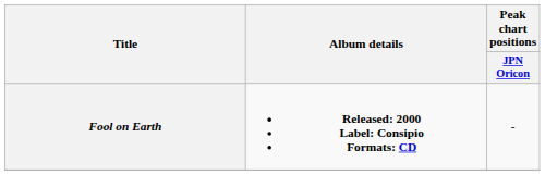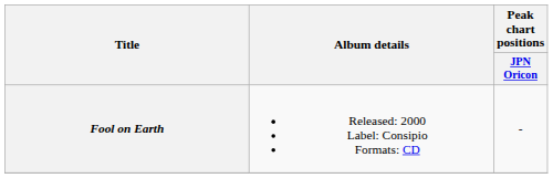 <table class="wikitable plainrowheaders" style="text-align:center;">
 <tr>
 <th scope="col" rowspan="2" style="width:19em;">Title</th>
 <th scope="col" rowspan="2" style="width:19em;">Album details</th>
 <th scope="col">Peak chart positions</th>
 </tr>
 <tr>
 <th scope="col" style="width:2.9em;font-size:90%;"><a href='#'>JPN<br>Oricon</a><br></th>
 </tr>
 <tr>
 <th scope="row"><em>Fool on Earth</em></th>
-<td><strong><br><ul><li>Released: 2000</li><li>Label: Consipio</li><li>Formats: <a href='#'>CD</a></li></ul></strong></td>
+<td><br><ul><li>Released: 2000</li><li>Label: Consipio</li><li>Formats: <a href='#'>CD</a></li></ul></td>
 <td>-</td>
 </tr>
 <tr>
 </tr>
 </table>
